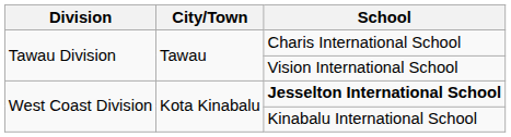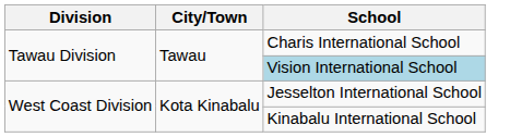 <table class="wikitable sortable">
 <tr>
 <th>Division</th>
 <th>City/Town</th>
 <th>School</th>
 </tr>
 <tr>
 <td rowspan="2">Tawau Division</td>
 <td rowspan="2">Tawau</td>
 <td>Charis International School</td>
 </tr>
 <tr>
-<td>Vision International School</td>
+<td style="background: lightblue;">Vision International School</td>
 </tr>
 <tr>
 <td rowspan="2">West Coast Division</td>
 <td rowspan="2">Kota Kinabalu</td>
-<td><strong>Jesselton International School</strong></td>
+<td>Jesselton International School</td>
 </tr>
 <tr>
 <td>Kinabalu International School</td>
 </tr>
 </table>
